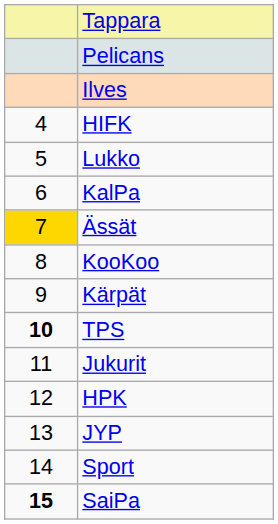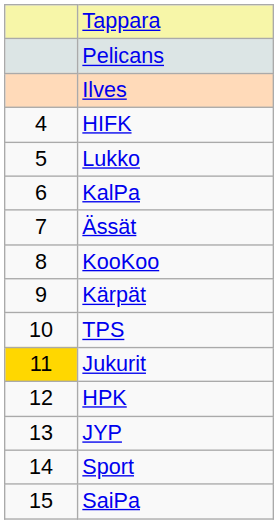 <table class="wikitable" style="width:200px;">
 <tr style="background:#F7F6A8;">
 <td align=center></td>
 <td><a href='#'>Tappara</a></td>
 </tr>
 <tr style="background:#DCE5E5;">
 <td align=center></td>
 <td><a href='#'>Pelicans</a></td>
 </tr>
 <tr style="background:#FFDAB9;">
 <td align=center></td>
 <td><a href='#'>Ilves</a></td>
 </tr>
 <tr>
 <td align=center>4</td>
 <td><a href='#'>HIFK</a></td>
 </tr>
 <tr>
 <td align=center>5</td>
 <td><a href='#'>Lukko</a></td>
 </tr>
 <tr>
 <td align=center>6</td>
 <td><a href='#'>KalPa</a></td>
 </tr>
 <tr>
-<td align=center style="background: gold;">7</td>
+<td align=center>7</td>
 <td><a href='#'>Ässät</a></td>
 </tr>
 <tr>
 <td align=center>8</td>
 <td><a href='#'>KooKoo</a></td>
 </tr>
 <tr>
 <td align=center>9</td>
 <td><a href='#'>Kärpät</a></td>
 </tr>
 <tr>
-<td align=center><strong>10</strong></td>
+<td align=center>10</td>
 <td><a href='#'>TPS</a></td>
 </tr>
 <tr>
-<td align=center>11</td>
+<td align=center style="background: gold;">11</td>
 <td><a href='#'>Jukurit</a></td>
 </tr>
 <tr>
 <td align=center>12</td>
 <td><a href='#'>HPK</a></td>
 </tr>
 <tr>
 <td align=center>13</td>
 <td><a href='#'>JYP</a></td>
 </tr>
 <tr>
 <td align=center>14</td>
 <td><a href='#'>Sport</a></td>
 </tr>
 <tr>
-<td align=center><strong>15</strong></td>
+<td align=center>15</td>
 <td><a href='#'>SaiPa</a></td>
 </tr>
 </table>
